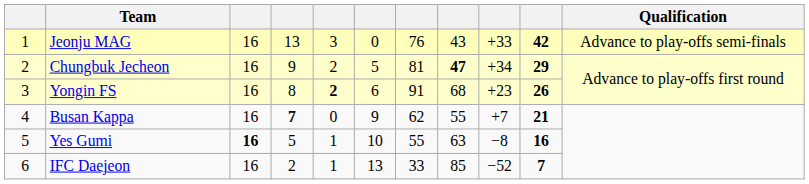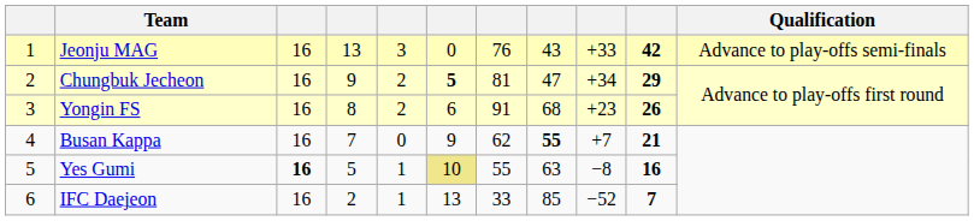 <table class="wikitable" style="text-align:center">
 <tr>
 <th width=35></th>
 <th width=180>Team</th>
 <th width=35></th>
 <th width=35></th>
 <th width=35></th>
 <th width=35></th>
 <th width=35></th>
 <th width=35></th>
 <th width=35></th>
 <th width=35></th>
 <th width=240>Qualification</th>
 </tr>
 <tr style="background:#ffffbb">
 <td>1</td>
 <td align="left"><a href='#'>Jeonju MAG</a></td>
 <td>16</td>
 <td>13</td>
 <td>3</td>
 <td>0</td>
 <td>76</td>
 <td>43</td>
 <td>+33</td>
 <td><strong>42</strong></td>
 <td>Advance to play-offs semi-finals</td>
 </tr>
 <tr style="background:#ffffcc">
 <td>2</td>
 <td align="left"><a href='#'>Chungbuk Jecheon</a></td>
 <td>16</td>
 <td>9</td>
 <td>2</td>
-<td>5</td>
+<td><strong>5</strong></td>
 <td>81</td>
-<td><strong>47</strong></td>
+<td>47</td>
 <td>+34</td>
 <td><strong>29</strong></td>
 <td rowspan="2">Advance to play-offs first round</td>
 </tr>
 <tr style="background:#ffffcc">
 <td>3</td>
 <td align="left"><a href='#'>Yongin FS</a></td>
 <td>16</td>
 <td>8</td>
-<td><strong>2</strong></td>
+<td>2</td>
 <td>6</td>
 <td>91</td>
 <td>68</td>
 <td>+23</td>
 <td><strong>26</strong></td>
 </tr>
 <tr>
 <td>4</td>
 <td align="left"><a href='#'>Busan Kappa</a></td>
 <td>16</td>
-<td><strong>7</strong></td>
+<td>7</td>
 <td>0</td>
 <td>9</td>
 <td>62</td>
-<td>55</td>
+<td><strong>55</strong></td>
 <td>+7</td>
 <td><strong>21</strong></td>
 </tr>
 <tr>
 <td>5</td>
 <td align="left"><a href='#'>Yes Gumi</a></td>
 <td><strong>16</strong></td>
 <td>5</td>
 <td>1</td>
-<td>10</td>
+<td style="background: khaki;">10</td>
 <td>55</td>
 <td>63</td>
 <td>−8</td>
 <td><strong>16</strong></td>
 </tr>
 <tr>
 <td>6</td>
 <td align="left"><a href='#'>IFC Daejeon</a></td>
 <td>16</td>
 <td>2</td>
 <td>1</td>
 <td>13</td>
 <td>33</td>
 <td>85</td>
 <td>−52</td>
 <td><strong>7</strong></td>
 </tr>
 </table>
